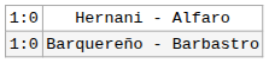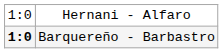 <table class="wikitable">
 <tr align=center bgcolor=white>
 <td>1:0</td>
 <td>Hernani - Alfaro</td>
 </tr>
 <tr align=center bgcolor=#F5F5F5>
-<td>1:0</td>
+<td><strong>1:0</strong></td>
 <td>Barquereño - Barbastro</td>
 </tr>
 </table>
